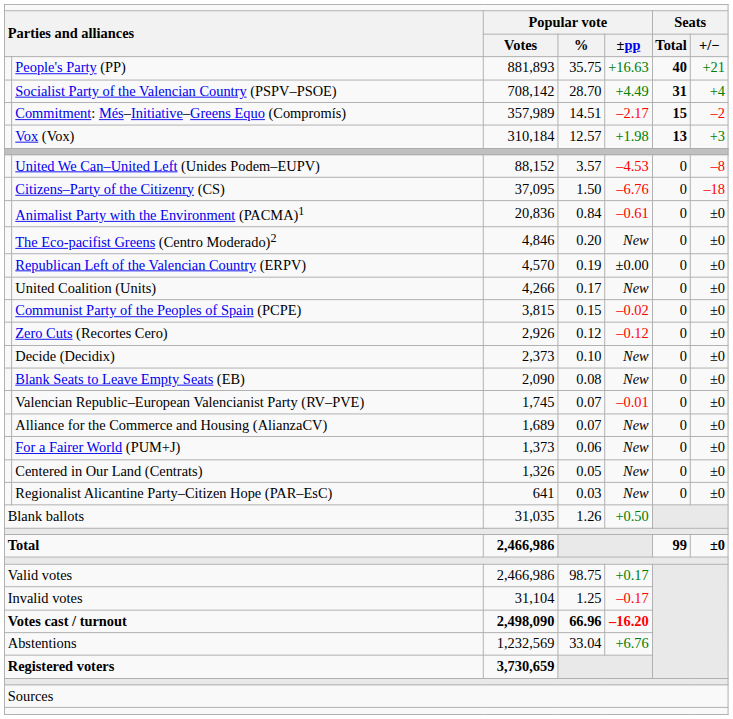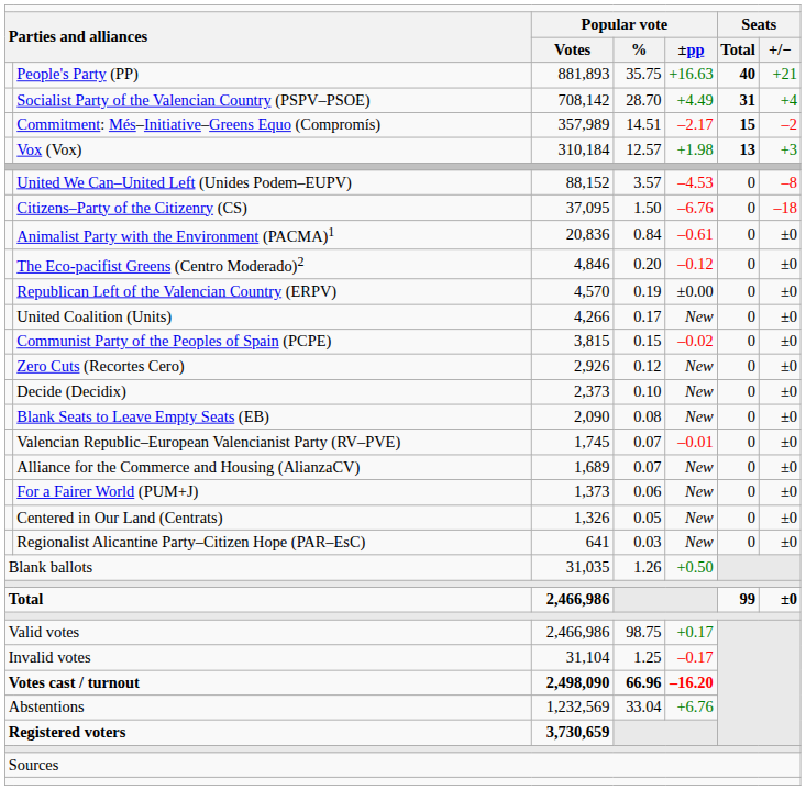 <table class="wikitable" style="text-align:right;">
 <tr>
 <td colspan="7"></td>
 </tr>
 <tr>
 <th style="text-align:left;" rowspan="2" colspan="2" width="525">Parties and alliances</th>
 <th colspan="3">Popular vote</th>
 <th colspan="2">Seats</th>
 </tr>
 <tr>
 <th width="75">Votes</th>
 <th width="45">%</th>
 <th width="45">±<a href='#'>pp</a></th>
 <th width="35">Total</th>
 <th width="35">+/−</th>
 </tr>
 <tr>
 <td width="1" style="color:inherit;background:"></td>
 <td align="left"><a href='#'>People's Party</a> (PP)</td>
 <td>881,893</td>
 <td>35.75</td>
 <td style="color:green;">+16.63</td>
 <td><strong>40</strong></td>
 <td style="color:green;">+21</td>
 </tr>
 <tr>
 <td style="color:inherit;background:"></td>
 <td align="left"><a href='#'>Socialist Party of the Valencian Country</a> (PSPV–PSOE)</td>
 <td>708,142</td>
 <td>28.70</td>
 <td style="color:green;">+4.49</td>
 <td><strong>31</strong></td>
 <td style="color:green;">+4</td>
 </tr>
 <tr>
 <td style="color:inherit;background:"></td>
 <td align="left"><a href='#'>Commitment</a>: <a href='#'>Més</a>–<a href='#'>Initiative</a>–<a href='#'>Greens Equo</a> (Compromís)</td>
 <td>357,989</td>
 <td>14.51</td>
 <td style="color:red;">–2.17</td>
 <td><strong>15</strong></td>
 <td style="color:red;">–2</td>
 </tr>
 <tr>
 <td style="color:inherit;background:"></td>
 <td align="left"><a href='#'>Vox</a> (Vox)</td>
 <td>310,184</td>
 <td>12.57</td>
 <td style="color:green;">+1.98</td>
 <td><strong>13</strong></td>
 <td style="color:green;">+3</td>
 </tr>
 <tr>
 <td colspan="7" bgcolor="#C0C0C0"></td>
 </tr>
 <tr>
 <td style="color:inherit;background:"></td>
 <td align="left"><a href='#'>United We Can–United Left</a> (Unides Podem–EUPV)</td>
 <td>88,152</td>
 <td>3.57</td>
 <td style="color:red;">–4.53</td>
 <td>0</td>
 <td style="color:red;">–8</td>
 </tr>
 <tr>
 <td style="color:inherit;background:"></td>
 <td align="left"><a href='#'>Citizens–Party of the Citizenry</a> (CS)</td>
 <td>37,095</td>
 <td>1.50</td>
 <td style="color:red;">–6.76</td>
 <td>0</td>
 <td style="color:red;">–18</td>
 </tr>
 <tr>
 <td style="color:inherit;background:"></td>
 <td align="left"><a href='#'>Animalist Party with the Environment</a> (PACMA)<sup>1</sup></td>
 <td>20,836</td>
 <td>0.84</td>
 <td style="color:red;">–0.61</td>
 <td>0</td>
 <td>±0</td>
 </tr>
 <tr>
 <td style="color:inherit;background:"></td>
 <td align="left"><a href='#'>The Eco-pacifist Greens</a> (Centro Moderado)<sup>2</sup></td>
 <td>4,846</td>
 <td>0.20</td>
-<td><em>New</em></td>
+<td style="color:red;">–0.12</td>
 <td>0</td>
 <td>±0</td>
 </tr>
 <tr>
 <td style="color:inherit;background:"></td>
 <td align="left"><a href='#'>Republican Left of the Valencian Country</a> (ERPV)</td>
 <td>4,570</td>
 <td>0.19</td>
 <td>±0.00</td>
 <td>0</td>
 <td>±0</td>
 </tr>
 <tr>
 <td style="color:inherit;background:"></td>
 <td align="left">United Coalition (Units)</td>
 <td>4,266</td>
 <td>0.17</td>
 <td><em>New</em></td>
 <td>0</td>
 <td>±0</td>
 </tr>
 <tr>
 <td style="color:inherit;background:"></td>
 <td align="left"><a href='#'>Communist Party of the Peoples of Spain</a> (PCPE)</td>
 <td>3,815</td>
 <td>0.15</td>
 <td style="color:red;">–0.02</td>
 <td>0</td>
 <td>±0</td>
 </tr>
 <tr>
 <td style="color:inherit;background:"></td>
 <td align="left"><a href='#'>Zero Cuts</a> (Recortes Cero)</td>
 <td>2,926</td>
 <td>0.12</td>
-<td style="color:red;">–0.12</td>
+<td><em>New</em></td>
 <td>0</td>
 <td>±0</td>
 </tr>
 <tr>
 <td style="color:inherit;background:"></td>
 <td align="left">Decide (Decidix)</td>
 <td>2,373</td>
 <td>0.10</td>
 <td><em>New</em></td>
 <td>0</td>
 <td>±0</td>
 </tr>
 <tr>
 <td style="color:inherit;background:"></td>
 <td align="left"><a href='#'>Blank Seats to Leave Empty Seats</a> (EB)</td>
 <td>2,090</td>
 <td>0.08</td>
 <td><em>New</em></td>
 <td>0</td>
 <td>±0</td>
 </tr>
 <tr>
 <td style="color:inherit;background:"></td>
 <td align="left">Valencian Republic–European Valencianist Party (RV–PVE)</td>
 <td>1,745</td>
 <td>0.07</td>
 <td style="color:red;">–0.01</td>
 <td>0</td>
 <td>±0</td>
 </tr>
 <tr>
 <td style="color:inherit;background:"></td>
 <td align="left">Alliance for the Commerce and Housing (AlianzaCV)</td>
 <td>1,689</td>
 <td>0.07</td>
 <td><em>New</em></td>
 <td>0</td>
 <td>±0</td>
 </tr>
 <tr>
 <td style="color:inherit;background:"></td>
 <td align="left"><a href='#'>For a Fairer World</a> (PUM+J)</td>
 <td>1,373</td>
 <td>0.06</td>
 <td><em>New</em></td>
 <td>0</td>
 <td>±0</td>
 </tr>
 <tr>
 <td style="color:inherit;background:"></td>
 <td align="left">Centered in Our Land (Centrats)</td>
 <td>1,326</td>
 <td>0.05</td>
 <td><em>New</em></td>
 <td>0</td>
 <td>±0</td>
 </tr>
 <tr>
 <td style="color:inherit;background:"></td>
 <td align="left">Regionalist Alicantine Party–Citizen Hope (PAR–EsC)</td>
 <td>641</td>
 <td>0.03</td>
 <td><em>New</em></td>
 <td>0</td>
 <td>±0</td>
 </tr>
 <tr>
 <td align="left" colspan="2">Blank ballots</td>
 <td>31,035</td>
 <td>1.26</td>
 <td style="color:green;">+0.50</td>
 <td bgcolor="#E9E9E9" colspan="2"></td>
 </tr>
 <tr>
 <td colspan="7" bgcolor="#E9E9E9"></td>
 </tr>
 <tr style="font-weight:bold;">
 <td align="left" colspan="2">Total</td>
 <td>2,466,986</td>
 <td bgcolor="#E9E9E9" colspan="2"></td>
 <td>99</td>
 <td>±0</td>
 </tr>
 <tr>
 <td colspan="7" bgcolor="#E9E9E9"></td>
 </tr>
 <tr>
 <td align="left" colspan="2">Valid votes</td>
 <td>2,466,986</td>
 <td>98.75</td>
 <td style="color:green;">+0.17</td>
 <td bgcolor="#E9E9E9" colspan="2" rowspan="5"></td>
 </tr>
 <tr>
 <td align="left" colspan="2">Invalid votes</td>
 <td>31,104</td>
 <td>1.25</td>
 <td style="color:red;">–0.17</td>
 </tr>
 <tr style="font-weight:bold;">
 <td align="left" colspan="2">Votes cast / turnout</td>
 <td>2,498,090</td>
 <td>66.96</td>
 <td style="color:red;">–16.20</td>
 </tr>
 <tr>
 <td align="left" colspan="2">Abstentions</td>
 <td>1,232,569</td>
 <td>33.04</td>
 <td style="color:green;">+6.76</td>
 </tr>
 <tr style="font-weight:bold;">
 <td align="left" colspan="2">Registered voters</td>
 <td>3,730,659</td>
 <td bgcolor="#E9E9E9" colspan="2"></td>
 </tr>
 <tr>
 <td colspan="7" bgcolor="#E9E9E9"></td>
 </tr>
 <tr>
 <td align="left" colspan="7">Sources</td>
 </tr>
 <tr>
 <td colspan="7" style="text-align:left; max-width:790px;"></td>
 </tr>
 </table>
